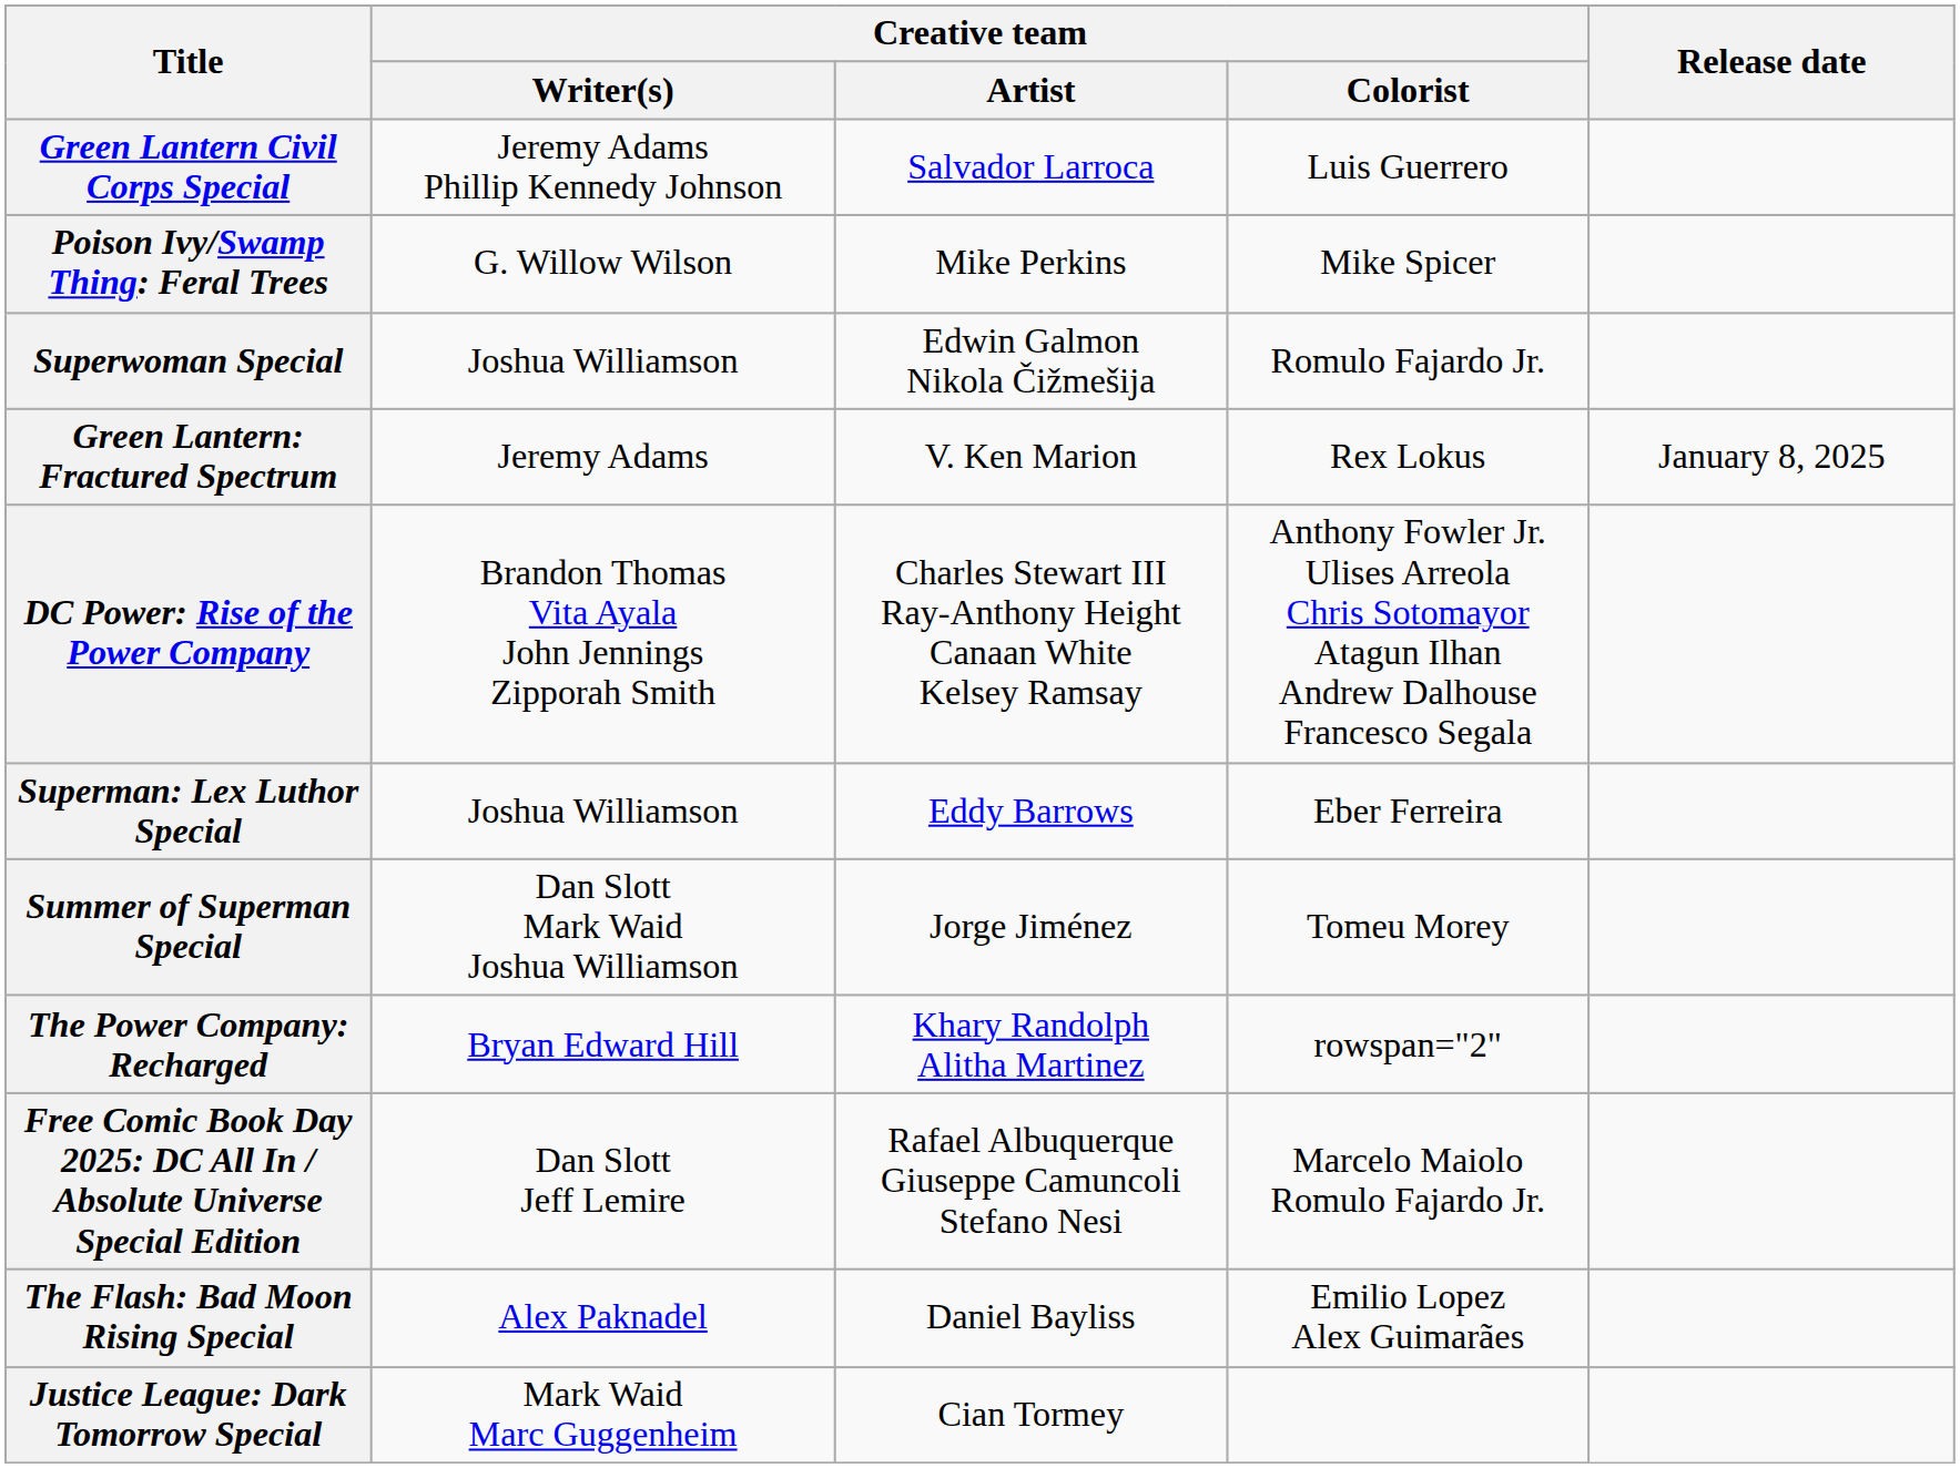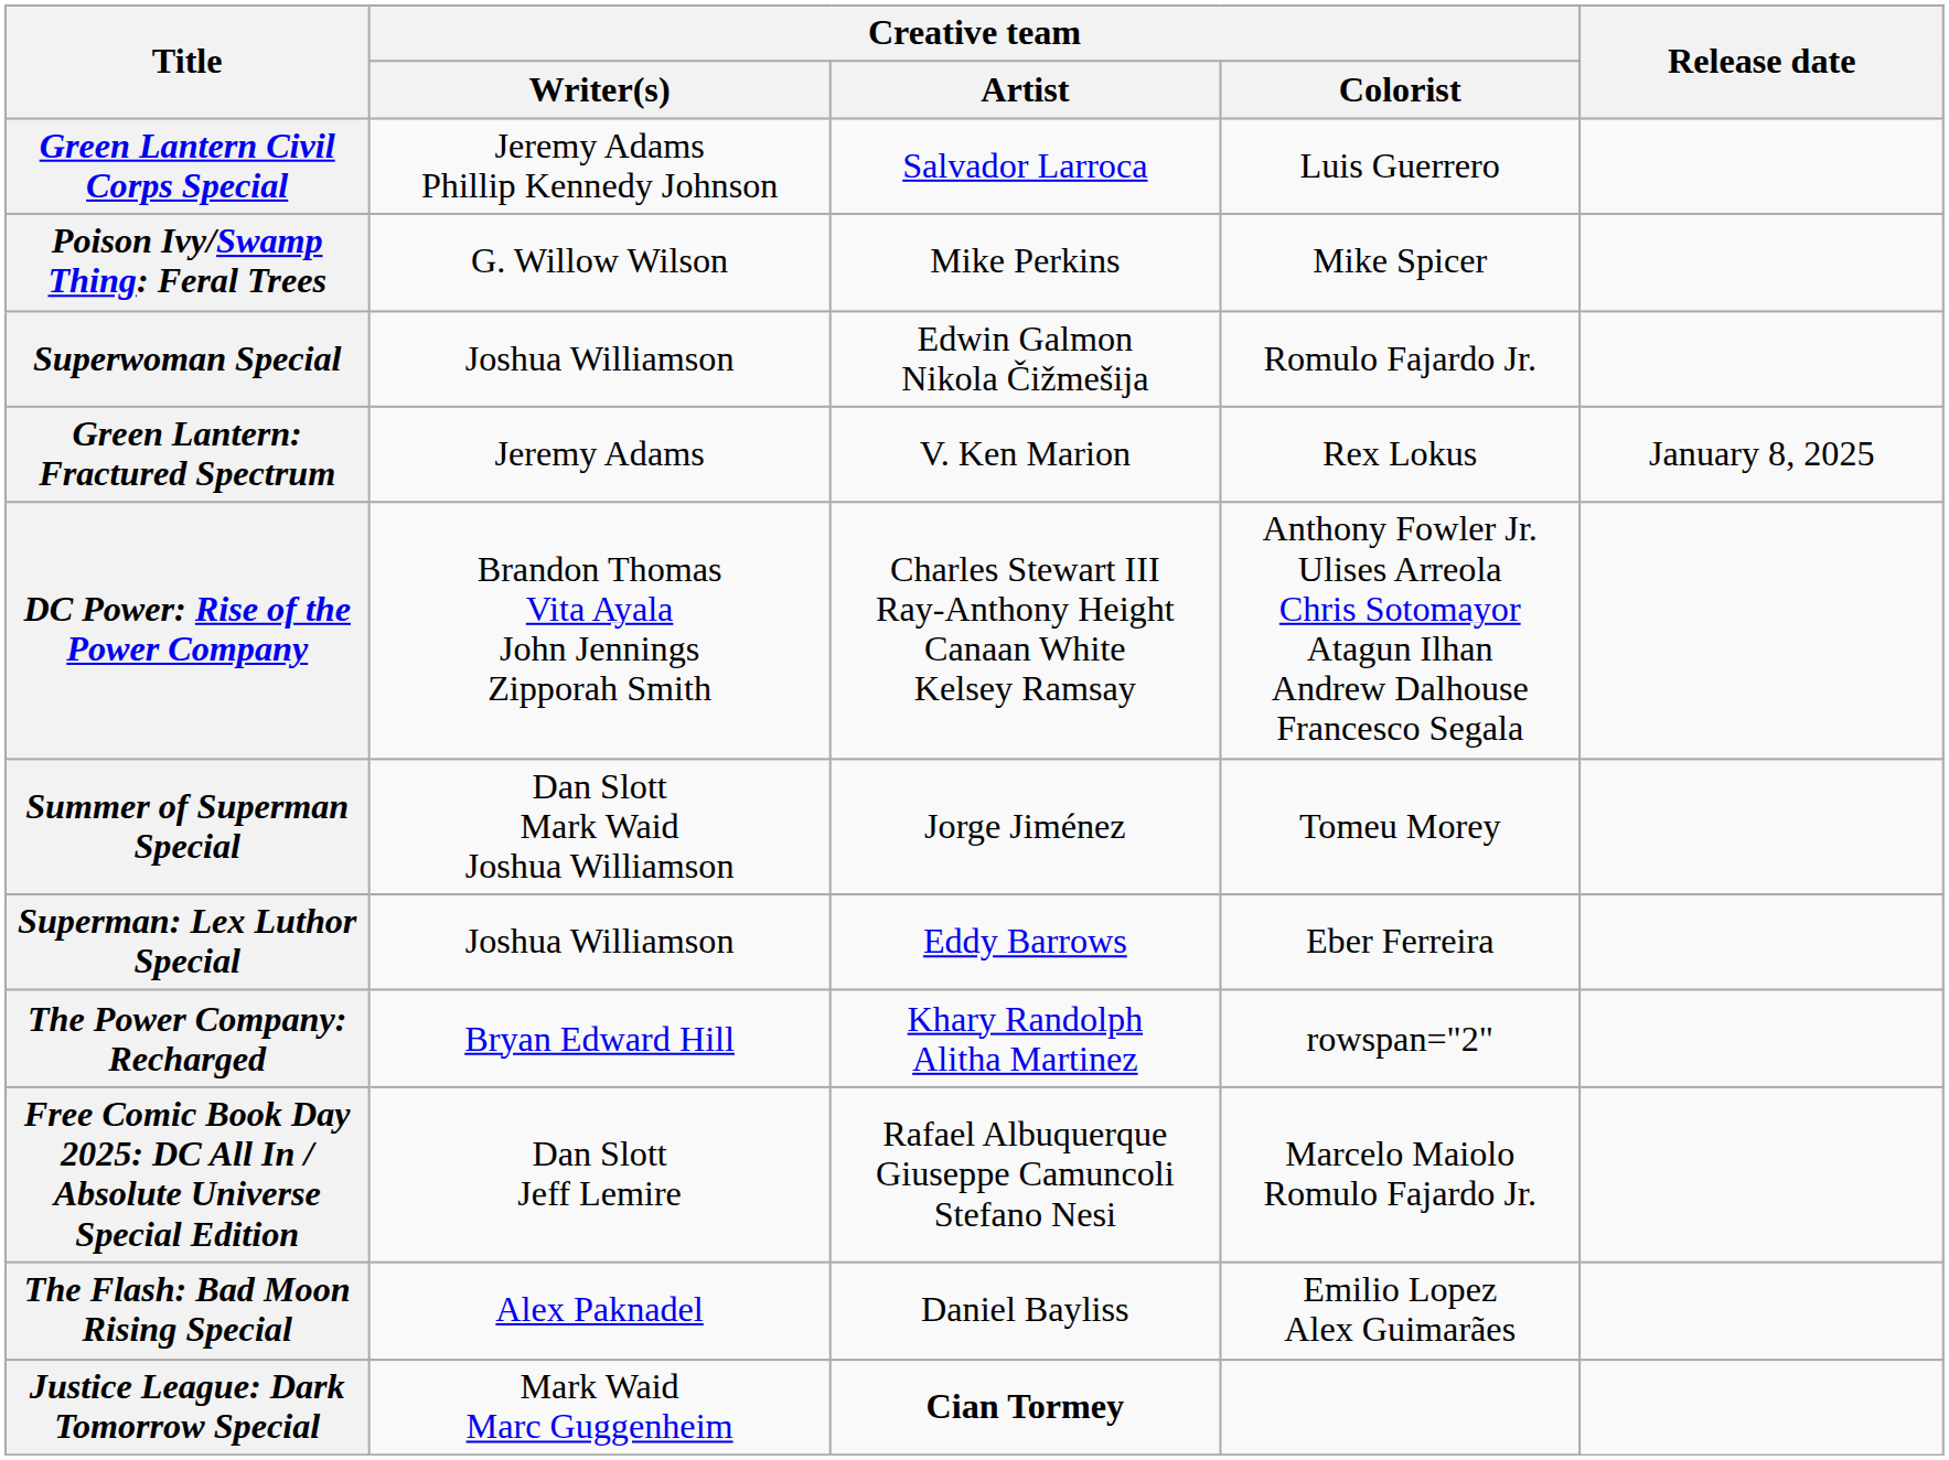 <table class="wikitable sortable" style="text-align:center; font-weight:normal;"  width=99%>
 <tr>
 <th scope="col" rowspan="2" align="center" width="15%">Title</th>
 <th scope="col" colspan="3" align="center" width="50%">Creative team</th>
 <th scope="col" rowspan="2" align="center" width="15%">Release date</th>
 </tr>
 <tr>
 <th scope="col">Writer(s)</th>
 <th scope="col">Artist</th>
 <th scope="col">Colorist</th>
 </tr>
 <tr>
 <th scope="col"><em><a href='#'>Green Lantern Civil Corps Special</a></em></th>
 <td>Jeremy Adams<br>Phillip Kennedy Johnson</td>
 <td><a href='#'>Salvador Larroca</a></td>
 <td>Luis Guerrero</td>
 <td></td>
 </tr>
 <tr>
 <th scope="col"><em>Poison Ivy/<a href='#'>Swamp Thing</a>: Feral Trees</em></th>
 <td>G. Willow Wilson</td>
 <td>Mike Perkins</td>
 <td>Mike Spicer</td>
 <td></td>
 </tr>
 <tr>
 <th scope="col"><em>Superwoman Special</em></th>
 <td>Joshua Williamson</td>
 <td>Edwin Galmon<br>Nikola Čižmešija</td>
 <td>Romulo Fajardo Jr.</td>
 <td></td>
 </tr>
 <tr>
 <th scope="col"><em>Green Lantern: Fractured Spectrum</em></th>
 <td>Jeremy Adams</td>
 <td>V. Ken Marion</td>
 <td>Rex Lokus</td>
 <td>January 8, 2025</td>
 </tr>
 <tr>
 <th scope="col"><em>DC Power: <a href='#'>Rise of the Power Company</a></em></th>
 <td>Brandon Thomas<br><a href='#'>Vita Ayala</a><br>John Jennings<br>Zipporah Smith</td>
 <td>Charles Stewart III<br>Ray-Anthony Height<br>Canaan White<br>Kelsey Ramsay</td>
 <td>Anthony Fowler Jr.<br>Ulises Arreola<br><a href='#'>Chris Sotomayor</a><br>Atagun Ilhan<br>Andrew Dalhouse<br>Francesco Segala</td>
 <td></td>
 </tr>
 <tr>
+<th scope="col"><em>Summer of Superman Special</em></th>
+<td>Dan Slott<br>Mark Waid<br>Joshua Williamson</td>
+<td>Jorge Jiménez</td>
+<td>Tomeu Morey</td>
+<td></td>
+</tr>
+<tr>
 <th scope="col"><em>Superman: Lex Luthor Special</em></th>
 <td>Joshua Williamson</td>
 <td><a href='#'>Eddy Barrows</a></td>
 <td>Eber Ferreira</td>
-<td></td>
-</tr>
-<tr>
-<th scope="col"><em>Summer of Superman Special</em></th>
-<td>Dan Slott<br>Mark Waid<br>Joshua Williamson</td>
-<td>Jorge Jiménez</td>
-<td>Tomeu Morey</td>
 <td></td>
 </tr>
 <tr>
 <th scope="col"><em>The Power Company: Recharged</em></th>
 <td><a href='#'>Bryan Edward Hill</a></td>
 <td><a href='#'>Khary Randolph</a><br><a href='#'>Alitha Martinez</a></td>
 <td>rowspan="2" </td>
 <td></td>
 </tr>
 <tr>
 <th scope="col"><em>Free Comic Book Day 2025: DC All In / Absolute Universe Special Edition</em></th>
 <td>Dan Slott<br>Jeff Lemire</td>
 <td>Rafael Albuquerque<br>Giuseppe Camuncoli<br>Stefano Nesi</td>
 <td>Marcelo Maiolo<br>Romulo Fajardo Jr.</td>
 <td></td>
 </tr>
 <tr>
 <th scope="col"><em>The Flash: Bad Moon Rising Special</em></th>
 <td><a href='#'>Alex Paknadel</a></td>
 <td>Daniel Bayliss</td>
 <td>Emilio Lopez<br>Alex Guimarães</td>
 <td></td>
 </tr>
 <tr>
 <th scope="col"><em>Justice League: Dark Tomorrow Special</em></th>
 <td>Mark Waid<br><a href='#'>Marc Guggenheim</a></td>
-<td>Cian Tormey</td>
+<td><strong>Cian Tormey</strong></td>
 <td></td>
 </tr>
 <tr>
 </tr>
 </table>
